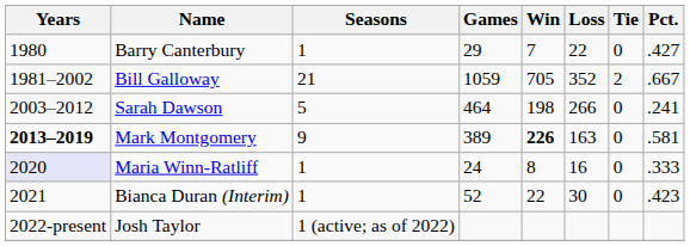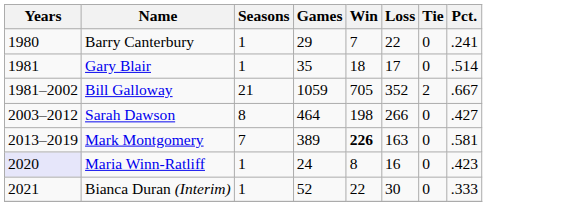 <table class="wikitable">
 <tr>
 <th width=px>Years</th>
 <th width=px>Name</th>
 <th width=px>Seasons</th>
 <th width=px>Games</th>
 <th width=px>Win</th>
 <th width=px>Loss</th>
 <th width=px>Tie</th>
 <th width=px>Pct.</th>
 </tr>
 <tr>
 <td>1980</td>
 <td>Barry Canterbury</td>
 <td>1</td>
 <td>29</td>
 <td>7</td>
 <td>22</td>
 <td>0</td>
-<td>.427</td>
+<td>.241</td>
+</tr>
+<tr>
+<td>1981</td>
+<td><a href='#'>Gary Blair</a></td>
+<td>1</td>
+<td>35</td>
+<td>18</td>
+<td>17</td>
+<td>0</td>
+<td>.514</td>
 </tr>
 <tr>
 <td>1981–2002</td>
 <td><a href='#'>Bill Galloway</a></td>
 <td>21</td>
 <td>1059</td>
 <td>705</td>
 <td>352</td>
 <td>2</td>
 <td>.667</td>
 </tr>
 <tr>
 <td>2003–2012</td>
 <td><a href='#'>Sarah Dawson</a></td>
-<td>5</td>
+<td>8</td>
 <td>464</td>
 <td>198</td>
 <td>266</td>
 <td>0</td>
-<td>.241</td>
+<td>.427</td>
 </tr>
 <tr>
-<td><strong>2013–2019</strong></td>
+<td>2013–2019</td>
 <td><a href='#'>Mark Montgomery</a></td>
-<td>9</td>
+<td>7</td>
 <td>389</td>
 <td><strong>226</strong></td>
 <td>163</td>
 <td>0</td>
 <td>.581</td>
 </tr>
 <tr>
 <td style="background: lavender;">2020</td>
 <td><a href='#'>Maria Winn-Ratliff</a></td>
 <td>1</td>
 <td>24</td>
 <td>8</td>
 <td>16</td>
 <td>0</td>
-<td>.333</td>
+<td>.423</td>
 </tr>
 <tr>
 <td>2021</td>
 <td>Bianca Duran <em>(Interim)</em></td>
 <td>1</td>
 <td>52</td>
 <td>22</td>
 <td>30</td>
 <td>0</td>
-<td>.423</td>
-</tr>
-<tr>
-<td>2022-present</td>
-<td>Josh Taylor</td>
-<td>1 (active; as of 2022)</td>
-<td></td>
-<td></td>
-<td></td>
-<td></td>
-<td></td>
+<td>.333</td>
 </tr>
 <tr>
 </tr>
 </table>
